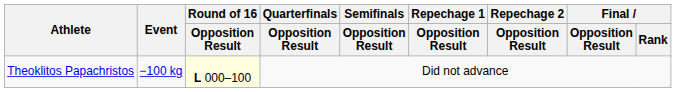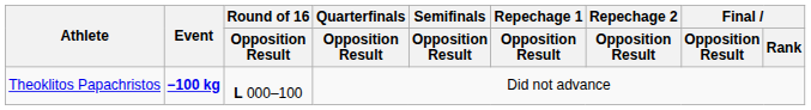 <table class="wikitable" style="font-size:90%">
 <tr>
 <th rowspan=2>Athlete</th>
 <th rowspan=2>Event</th>
 <th>Round of 16</th>
 <th>Quarterfinals</th>
 <th>Semifinals</th>
 <th>Repechage 1</th>
 <th>Repechage 2</th>
 <th colspan="2">Final / </th>
 </tr>
 <tr>
 <th>Opposition<br>Result</th>
 <th>Opposition<br>Result</th>
 <th>Opposition<br>Result</th>
 <th>Opposition<br>Result</th>
 <th>Opposition<br>Result</th>
 <th>Opposition<br>Result</th>
 <th>Rank</th>
 </tr>
 <tr align=center>
 <td align=left><a href='#'>Theoklitos Papachristos</a></td>
-<td align=left><a href='#'>−100 kg</a></td>
-<td style="background: lightyellow;"><br><strong>L</strong> 000–100</td>
+<td align=left><strong><a href='#'>−100 kg</a></strong></td>
+<td><br><strong>L</strong> 000–100</td>
 <td colspan=6>Did not advance</td>
 </tr>
 </table>
